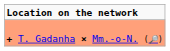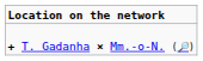 <table role="presentation" class="wikitable mw-collapsible mw-collapsed floatright">
 <tr>
 <td><strong>Location on the network</strong></td>
 </tr>
 <tr>
-<td style="background: lightsalmon;"><br><span><strong>+</strong> <a href='#'>T. Gadanha</a></span> <span><strong>×</strong> <a href='#'>Mm.-o-N.</a></span> <small>(<a href='#'>🔎</a>)</small></td>
+<td><br><span><strong>+</strong> <a href='#'>T. Gadanha</a></span> <span><strong>×</strong> <a href='#'>Mm.-o-N.</a></span> <small>(<a href='#'>🔎</a>)</small></td>
 </tr>
 </table>
